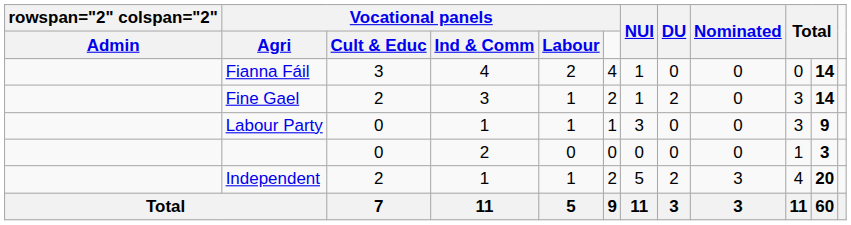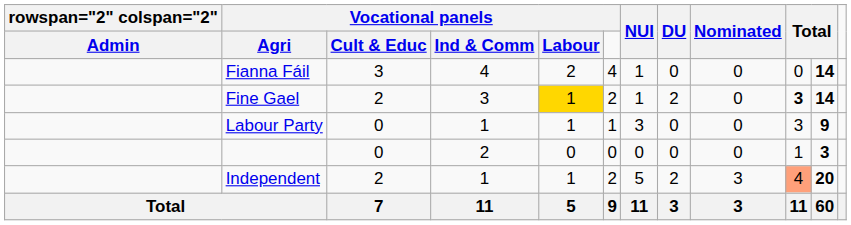 <table class="wikitable">
 <tr>
 <th>rowspan="2" colspan="2" </th>
 <th scope="col" colspan="5"><a href='#'>Vocational panels</a></th>
 <th rowspan="2"><a href='#'>NUI</a></th>
 <th rowspan="2"><a href='#'>DU</a></th>
 <th rowspan="2"><a href='#'>Nominated</a></th>
 <th rowspan="2" colspan="2">Total</th>
 </tr>
 <tr>
 <th scope="col"><a href='#'>Admin</a></th>
 <th scope="col"><a href='#'>Agri</a></th>
 <th scope="col"><a href='#'>Cult & Educ</a></th>
 <th scope="col"><a href='#'>Ind & Comm</a></th>
 <th scope="col"><a href='#'>Labour</a></th>
 </tr>
 <tr style="text-align:center">
 <td style="background-color: "></td>
 <td align="left"><a href='#'>Fianna Fáil</a></td>
 <td>3</td>
 <td>4</td>
 <td>2</td>
 <td>4</td>
 <td>1</td>
 <td>0</td>
 <td>0</td>
 <td>0</td>
 <td><strong>14</strong></td>
 <td style="background-color: "></td>
 </tr>
 <tr style="text-align:center">
 <td style="background-color: "></td>
 <td align="left"><a href='#'>Fine Gael</a></td>
 <td>2</td>
 <td>3</td>
-<td>1</td>
+<td style="background: gold;">1</td>
 <td>2</td>
 <td>1</td>
 <td>2</td>
 <td>0</td>
-<td>3</td>
+<td><strong>3</strong></td>
 <td><strong>14</strong></td>
 <td style="background-color: "></td>
 </tr>
 <tr style="text-align:center">
 <td style="background-color: "></td>
 <td align="left"><a href='#'>Labour Party</a></td>
 <td>0</td>
 <td>1</td>
 <td>1</td>
 <td>1</td>
 <td>3</td>
 <td>0</td>
 <td>0</td>
 <td>3</td>
 <td><strong>9</strong></td>
 <td style="background-color: "></td>
 </tr>
 <tr style="text-align:center">
 <td style="background-color: "></td>
 <td align="left"></td>
 <td>0</td>
 <td>2</td>
 <td>0</td>
 <td>0</td>
 <td>0</td>
 <td>0</td>
 <td>0</td>
 <td>1</td>
 <td><strong>3</strong></td>
 <td style="background-color: "></td>
 </tr>
 <tr style="text-align:center">
 <td style="background-color: "></td>
 <td align="left"><a href='#'>Independent</a></td>
 <td>2</td>
 <td>1</td>
 <td>1</td>
 <td>2</td>
 <td>5</td>
 <td>2</td>
 <td>3</td>
-<td>4</td>
+<td style="background: lightsalmon;">4</td>
 <td><strong>20</strong></td>
 <td style="background-color: "></td>
 </tr>
 <tr style="text-align:center; font-weight:bold; background:rgb(232,232,232);">
 <th colspan="2">Total</th>
 <th>7</th>
 <th>11</th>
 <th>5</th>
 <th>9</th>
 <th>11</th>
 <th>3</th>
 <th>3</th>
 <th>11</th>
 <th>60</th>
 <th></th>
 </tr>
 </table>
